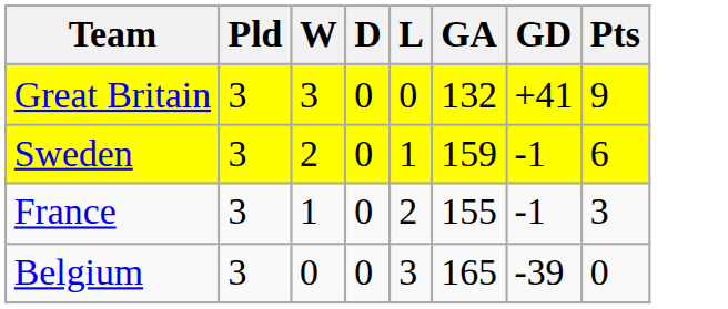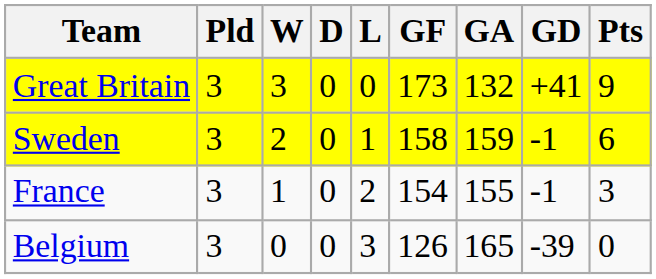 <table class="wikitable" border="1">
 <tr>
 <th>Team</th>
 <th>Pld</th>
 <th>W</th>
 <th>D</th>
 <th>L</th>
+<th>GF</th>
 <th>GA</th>
 <th>GD</th>
 <th>Pts</th>
 </tr>
 <tr style="background:#ffff00">
 <td> <a href='#'>Great Britain</a></td>
 <td>3</td>
 <td>3</td>
 <td>0</td>
 <td>0</td>
+<td>173</td>
 <td>132</td>
 <td>+41</td>
 <td>9</td>
 </tr>
 <tr style="background:#ffff00">
 <td> <a href='#'>Sweden</a></td>
 <td>3</td>
 <td>2</td>
 <td>0</td>
 <td>1</td>
+<td>158</td>
 <td>159</td>
 <td>-1</td>
 <td>6</td>
 </tr>
 <tr>
 <td> <a href='#'>France</a></td>
 <td>3</td>
 <td>1</td>
 <td>0</td>
 <td>2</td>
+<td>154</td>
 <td>155</td>
 <td>-1</td>
 <td>3</td>
 </tr>
 <tr>
 <td> <a href='#'>Belgium</a></td>
 <td>3</td>
 <td>0</td>
 <td>0</td>
 <td>3</td>
+<td>126</td>
 <td>165</td>
 <td>-39</td>
 <td>0</td>
 </tr>
 </table>
